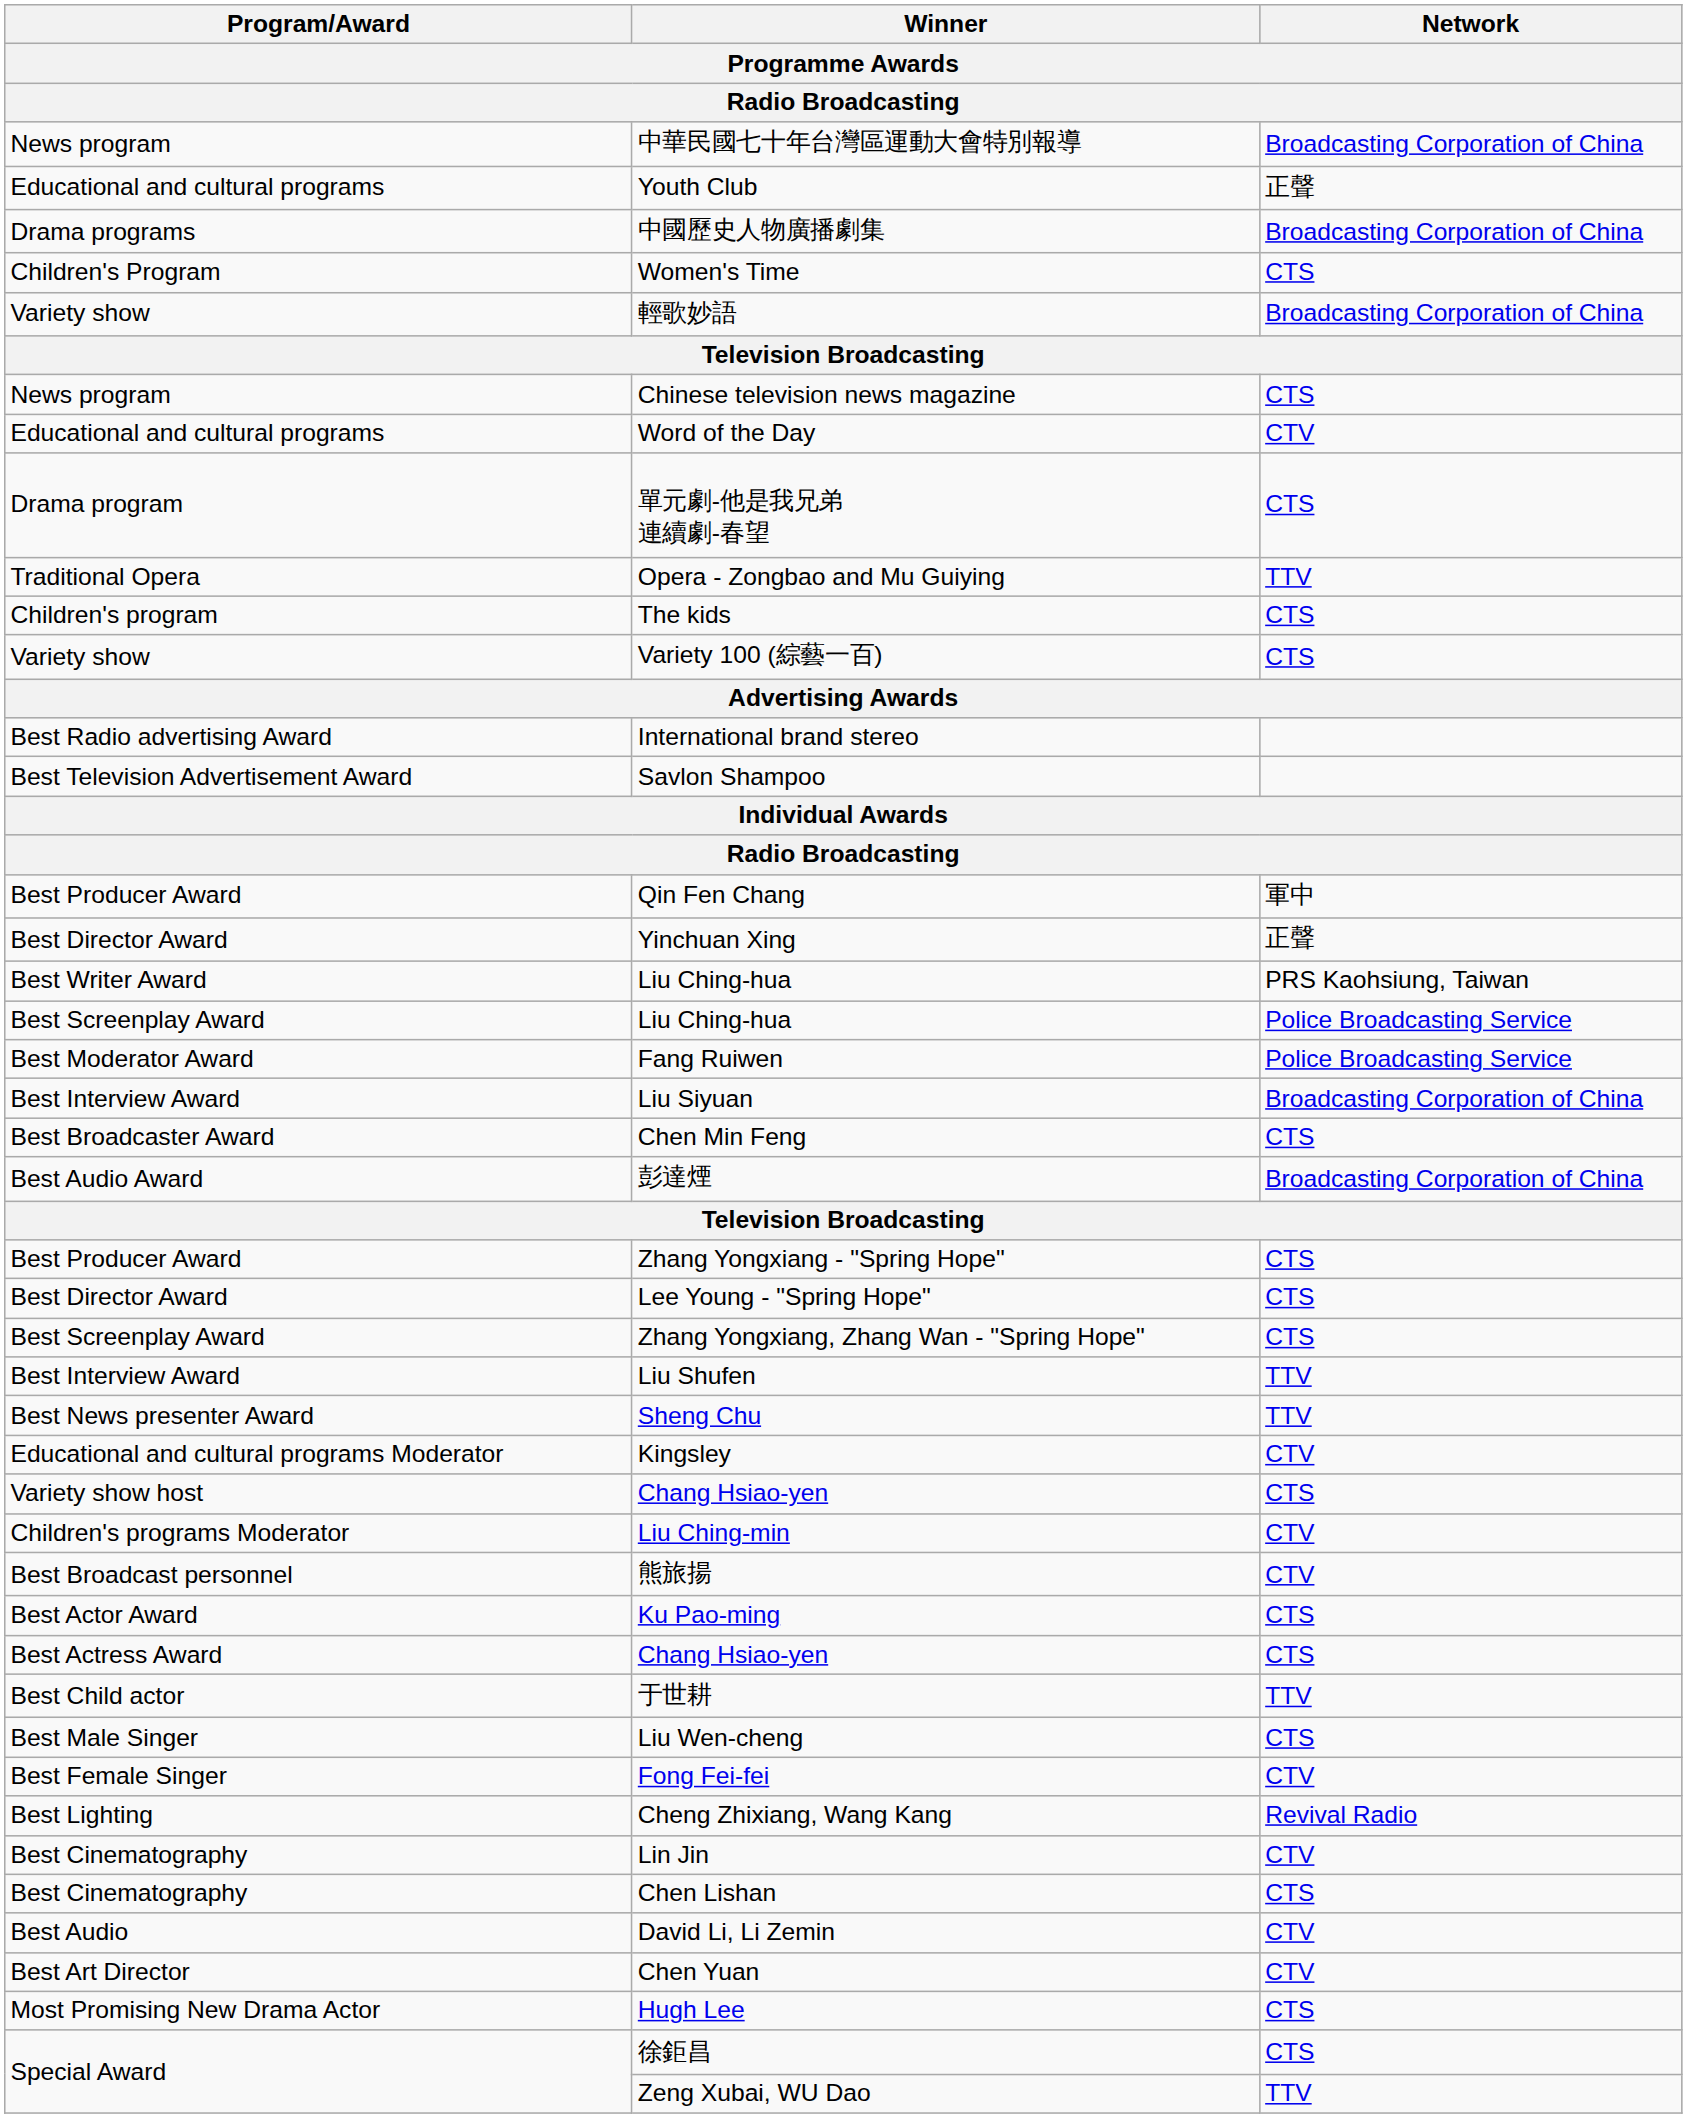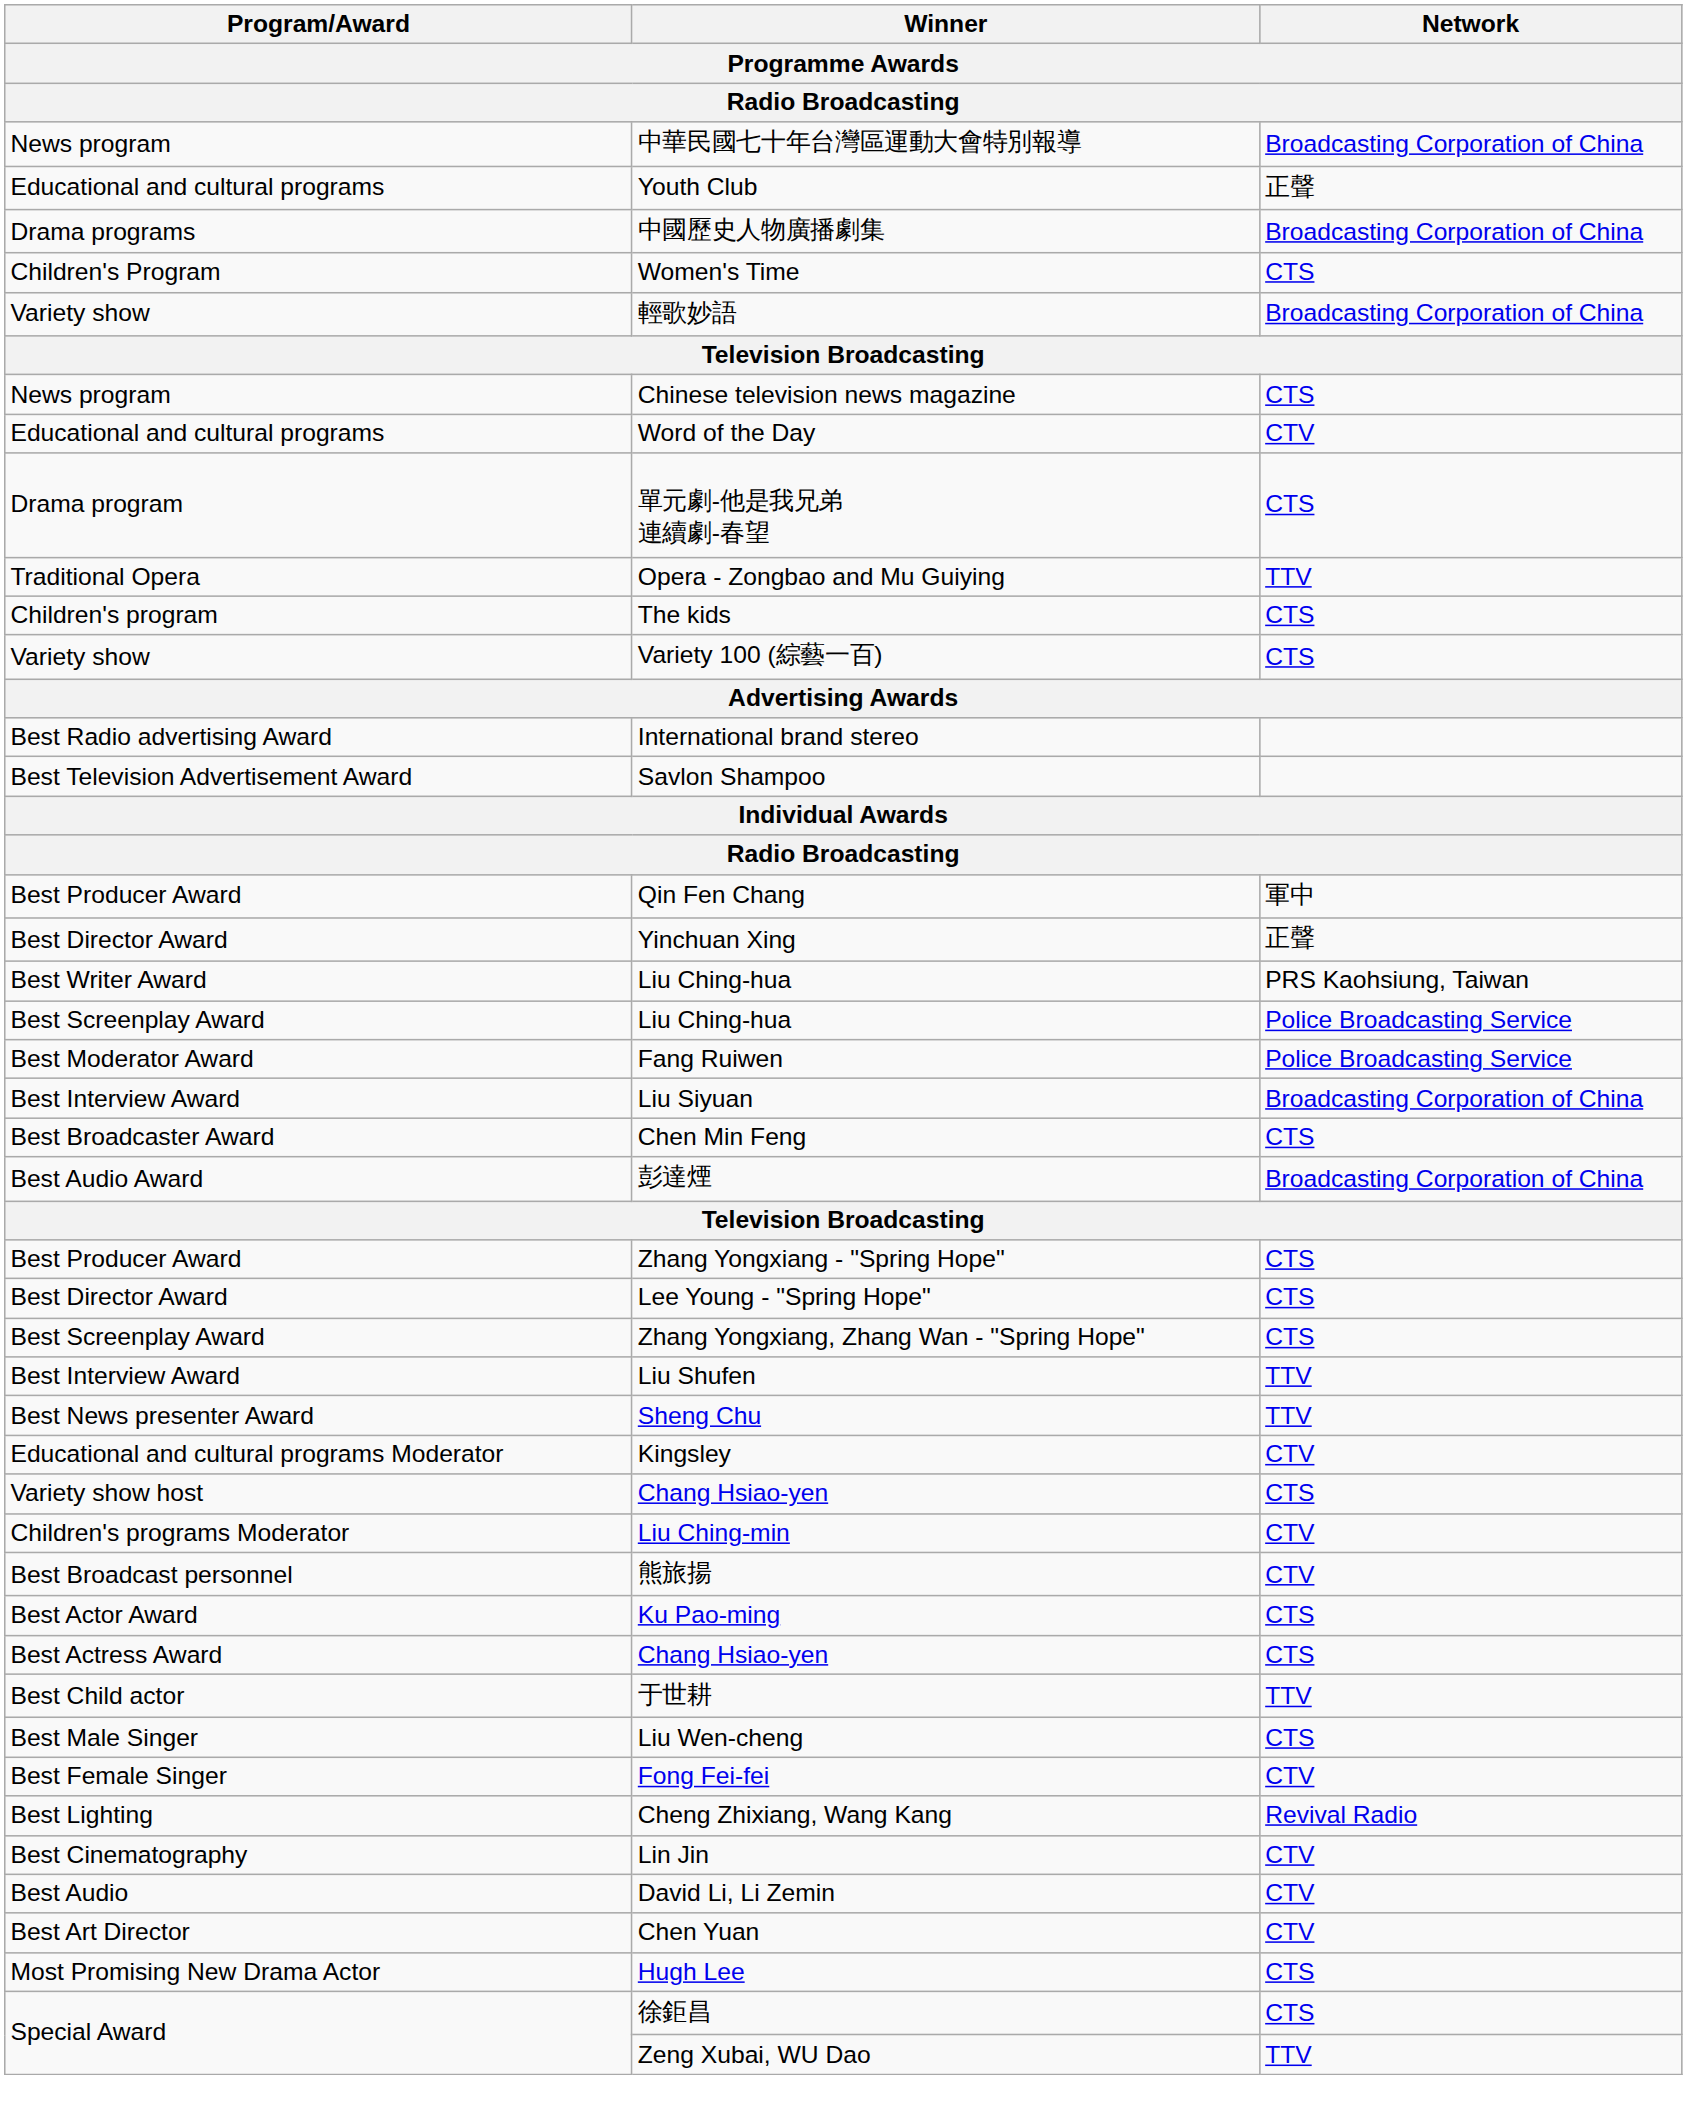 <table class="wikitable">
 <tr>
 <th style="width:300pt;">Program/Award</th>
 <th style="width:300pt;">Winner</th>
 <th style="width:200pt;">Network</th>
 </tr>
 <tr>
 <th colspan=3 style="text-align:center" style="background:#99CCFF;">Programme Awards</th>
 </tr>
 <tr>
 <th colspan=3 style="text-align:center" style="background:LightSteelBlue;">Radio Broadcasting</th>
 </tr>
 <tr>
 <td>News program</td>
 <td>中華民國七十年台灣區運動大會特別報導</td>
 <td><a href='#'>Broadcasting Corporation of China</a></td>
 </tr>
 <tr>
 <td>Educational and cultural programs</td>
 <td>Youth Club</td>
 <td>正聲</td>
 </tr>
 <tr>
 <td>Drama programs</td>
 <td>中國歷史人物廣播劇集</td>
 <td><a href='#'>Broadcasting Corporation of China</a></td>
 </tr>
 <tr>
 <td>Children's Program</td>
 <td>Women's Time</td>
 <td><a href='#'>CTS</a></td>
 </tr>
 <tr>
 <td>Variety show</td>
 <td>輕歌妙語</td>
 <td><a href='#'>Broadcasting Corporation of China</a></td>
 </tr>
 <tr>
 <th colspan=3 style="text-align:center" style="background:LightSteelBlue;">Television Broadcasting</th>
 </tr>
 <tr>
 <td>News program</td>
 <td>Chinese television news magazine</td>
 <td><a href='#'>CTS</a></td>
 </tr>
 <tr>
 <td>Educational and cultural programs</td>
 <td>Word of the Day</td>
 <td><a href='#'>CTV</a></td>
 </tr>
 <tr>
 <td>Drama program</td>
 <td><br>單元劇-他是我兄弟 <br>連續劇-春望</td>
 <td><a href='#'>CTS</a></td>
 </tr>
 <tr>
 <td>Traditional Opera</td>
 <td>Opera - Zongbao and Mu Guiying</td>
 <td><a href='#'>TTV</a></td>
 </tr>
 <tr>
 <td>Children's program</td>
 <td>The kids</td>
 <td><a href='#'>CTS</a></td>
 </tr>
 <tr>
 <td>Variety show</td>
 <td>Variety 100 (綜藝一百)</td>
 <td><a href='#'>CTS</a></td>
 </tr>
 <tr>
 <th colspan=3 style="text-align:center" style="background:#99CCFF;">Advertising Awards</th>
 </tr>
 <tr>
 <td>Best Radio advertising Award</td>
 <td>International brand stereo</td>
 <td></td>
 </tr>
 <tr>
 <td>Best Television Advertisement Award</td>
 <td>Savlon Shampoo</td>
 <td></td>
 </tr>
 <tr>
 <th colspan=3 style="text-align:center" style="background:#99CCFF;">Individual Awards</th>
 </tr>
 <tr>
 <th colspan=3 style="text-align:center" style="background:LightSteelBlue;">Radio Broadcasting</th>
 </tr>
 <tr>
 <td>Best Producer Award</td>
 <td>Qin Fen Chang</td>
 <td>軍中</td>
 </tr>
 <tr>
 <td>Best Director Award</td>
 <td>Yinchuan Xing</td>
 <td>正聲</td>
 </tr>
 <tr>
 <td>Best Writer Award</td>
 <td>Liu Ching-hua</td>
 <td>PRS Kaohsiung, Taiwan</td>
 </tr>
 <tr>
 <td>Best Screenplay Award</td>
 <td>Liu Ching-hua</td>
 <td><a href='#'>Police Broadcasting Service</a></td>
 </tr>
 <tr>
 <td>Best Moderator Award</td>
 <td>Fang Ruiwen</td>
 <td><a href='#'>Police Broadcasting Service</a></td>
 </tr>
 <tr>
 <td>Best Interview Award</td>
 <td>Liu Siyuan</td>
 <td><a href='#'>Broadcasting Corporation of China</a></td>
 </tr>
 <tr>
 <td>Best Broadcaster Award</td>
 <td>Chen Min Feng</td>
 <td><a href='#'>CTS</a></td>
 </tr>
 <tr>
 <td>Best Audio Award</td>
 <td>彭達煙</td>
 <td><a href='#'>Broadcasting Corporation of China</a></td>
 </tr>
 <tr>
 <th colspan=3 style="text-align:center" style="background:LightSteelBlue;">Television Broadcasting</th>
 </tr>
 <tr>
 <td>Best Producer Award</td>
 <td>Zhang Yongxiang - "Spring Hope"</td>
 <td><a href='#'>CTS</a></td>
 </tr>
 <tr>
 <td>Best Director Award</td>
 <td>Lee Young - "Spring Hope"</td>
 <td><a href='#'>CTS</a></td>
 </tr>
 <tr>
 <td>Best Screenplay Award</td>
 <td>Zhang Yongxiang, Zhang Wan - "Spring Hope"</td>
 <td><a href='#'>CTS</a></td>
 </tr>
 <tr>
 <td>Best Interview Award</td>
 <td>Liu Shufen</td>
 <td><a href='#'>TTV</a></td>
 </tr>
 <tr>
 <td>Best News presenter Award</td>
 <td><a href='#'>Sheng Chu</a></td>
 <td><a href='#'>TTV</a></td>
 </tr>
 <tr>
 <td>Educational and cultural programs Moderator</td>
 <td>Kingsley</td>
 <td><a href='#'>CTV</a></td>
 </tr>
 <tr>
 <td>Variety show host</td>
 <td><a href='#'>Chang Hsiao-yen</a></td>
 <td><a href='#'>CTS</a></td>
 </tr>
 <tr>
 <td>Children's programs Moderator</td>
 <td><a href='#'>Liu Ching-min</a></td>
 <td><a href='#'>CTV</a></td>
 </tr>
 <tr>
 <td>Best Broadcast personnel</td>
 <td>熊旅揚</td>
 <td><a href='#'>CTV</a></td>
 </tr>
 <tr>
 <td>Best Actor Award</td>
 <td><a href='#'>Ku Pao-ming</a></td>
 <td><a href='#'>CTS</a></td>
 </tr>
 <tr>
 <td>Best Actress Award</td>
 <td><a href='#'>Chang Hsiao-yen</a></td>
 <td><a href='#'>CTS</a></td>
 </tr>
 <tr>
 <td>Best Child actor</td>
 <td>于世耕</td>
 <td><a href='#'>TTV</a></td>
 </tr>
 <tr>
 <td>Best Male Singer</td>
 <td>Liu Wen-cheng</td>
 <td><a href='#'>CTS</a></td>
 </tr>
 <tr>
 <td>Best Female Singer</td>
 <td><a href='#'>Fong Fei-fei</a></td>
 <td><a href='#'>CTV</a></td>
 </tr>
 <tr>
 <td>Best Lighting</td>
 <td>Cheng Zhixiang, Wang Kang</td>
 <td><a href='#'>Revival Radio</a></td>
 </tr>
 <tr>
 <td>Best Cinematography</td>
 <td>Lin Jin</td>
 <td><a href='#'>CTV</a></td>
 </tr>
 <tr>
-<td>Best Cinematography</td>
-<td>Chen Lishan</td>
-<td><a href='#'>CTS</a></td>
-</tr>
-<tr>
 <td>Best Audio</td>
 <td>David Li, Li Zemin</td>
 <td><a href='#'>CTV</a></td>
 </tr>
 <tr>
 <td>Best Art Director</td>
 <td>Chen Yuan</td>
 <td><a href='#'>CTV</a></td>
 </tr>
 <tr>
 <td>Most Promising New Drama Actor</td>
 <td><a href='#'>Hugh Lee</a></td>
 <td><a href='#'>CTS</a></td>
 </tr>
 <tr>
 <td rowspan=2>Special Award</td>
 <td>徐鉅昌</td>
 <td><a href='#'>CTS</a></td>
 </tr>
 <tr>
 <td>Zeng Xubai, WU Dao</td>
 <td><a href='#'>TTV</a></td>
 </tr>
 </table>
